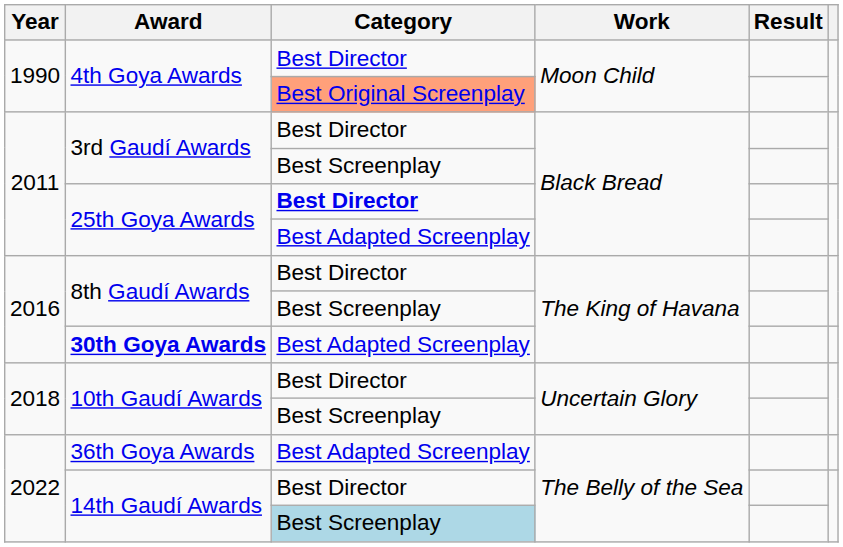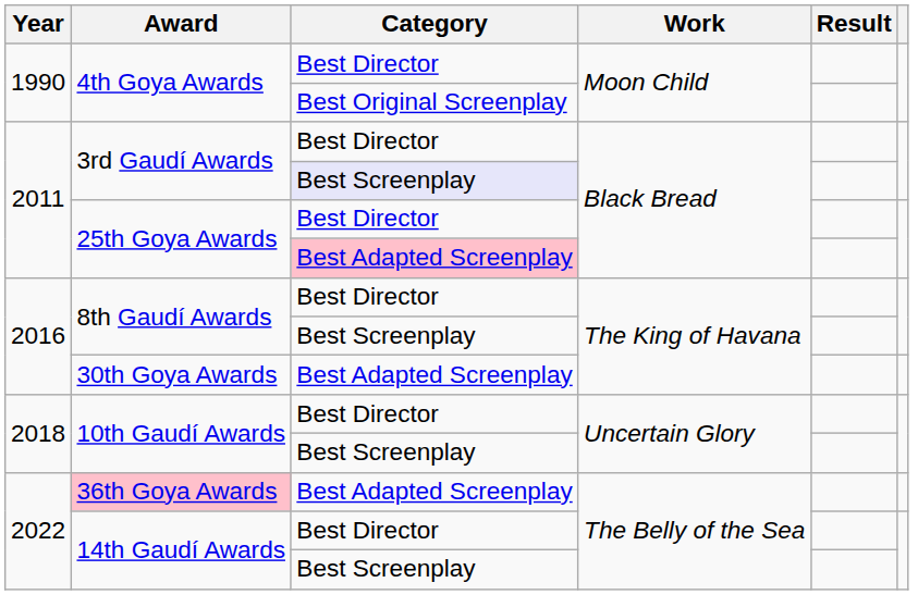 <table class="wikitable">
 <tr>
 <th>Year</th>
 <th>Award</th>
 <th>Category</th>
 <th>Work</th>
 <th>Result</th>
 <th></th>
 </tr>
 <tr>
 <td rowspan = "2" align = "center">1990</td>
 <td rowspan = "2"><a href='#'>4th Goya Awards</a></td>
 <td><a href='#'>Best Director</a></td>
 <td rowspan = "2"><em>Moon Child</em></td>
 <td></td>
 <td rowspan = "2" align = "center"></td>
 </tr>
 <tr>
-<td style="background: lightsalmon;"><a href='#'>Best Original Screenplay</a></td>
+<td><a href='#'>Best Original Screenplay</a></td>
 <td></td>
 </tr>
 <tr>
 <td rowspan="4" align = "center">2011</td>
 <td rowspan="2">3rd <a href='#'>Gaudí Awards</a></td>
 <td>Best Director</td>
 <td rowspan = "4"><em>Black Bread</em></td>
 <td></td>
 <td rowspan="2" align = "center"></td>
 </tr>
 <tr>
-<td>Best Screenplay</td>
+<td style="background: lavender;">Best Screenplay</td>
 <td></td>
 </tr>
 <tr>
 <td rowspan = "2"><a href='#'>25th Goya Awards</a></td>
-<td><strong><a href='#'>Best Director</a></strong></td>
+<td><a href='#'>Best Director</a></td>
 <td></td>
 <td rowspan = "2" align = "center"></td>
 </tr>
 <tr>
-<td><a href='#'>Best Adapted Screenplay</a></td>
+<td style="background: pink;"><a href='#'>Best Adapted Screenplay</a></td>
 <td></td>
 </tr>
 <tr>
 <td rowspan = "3" align = "center">2016</td>
 <td rowspan = "2">8th <a href='#'>Gaudí Awards</a></td>
 <td>Best Director</td>
 <td rowspan = "3"><em>The King of Havana</em></td>
 <td></td>
 <td rowspan = "2" align = "center"></td>
 </tr>
 <tr>
 <td>Best Screenplay</td>
 <td></td>
 </tr>
 <tr>
-<td><strong><a href='#'>30th Goya Awards</a></strong></td>
+<td><a href='#'>30th Goya Awards</a></td>
 <td><a href='#'>Best Adapted Screenplay</a></td>
 <td></td>
 <td align = "center"></td>
 </tr>
 <tr>
 <td rowspan = "2" align = "center">2018</td>
 <td rowspan = "2"><a href='#'>10th Gaudí Awards</a></td>
 <td>Best Director</td>
 <td rowspan = "2"><em>Uncertain Glory</em></td>
 <td></td>
 <td rowspan = "2" align = "center"></td>
 </tr>
 <tr>
 <td>Best Screenplay</td>
 <td></td>
 </tr>
 <tr>
 <td rowspan = "3" align = "center">2022</td>
-<td><a href='#'>36th Goya Awards</a></td>
+<td style="background: pink;"><a href='#'>36th Goya Awards</a></td>
 <td><a href='#'>Best Adapted Screenplay</a></td>
 <td rowspan = "3"><em>The Belly of the Sea</em></td>
 <td></td>
 <td align = "center"></td>
 </tr>
 <tr>
 <td rowspan = "2"><a href='#'>14th Gaudí Awards</a></td>
 <td>Best Director</td>
 <td></td>
 <td rowspan = "2" align = "center"></td>
 </tr>
 <tr>
-<td style="background: lightblue;">Best Screenplay</td>
+<td>Best Screenplay</td>
 <td></td>
 </tr>
 </table>
